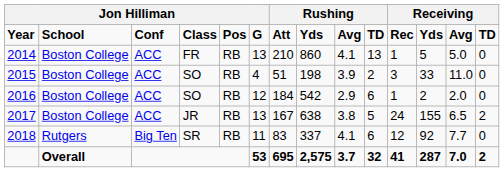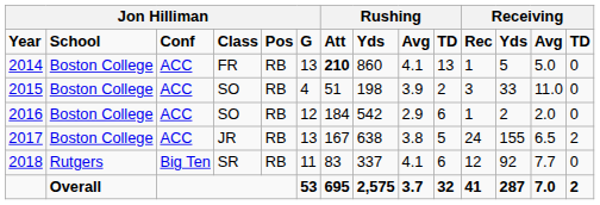 <table class="wikitable">
 <tr>
 <th colspan="6" style="text-align: center; font-weight:bold;">Jon Hilliman</th>
 <th colspan="4" style="text-align: center; font-weight:bold;">Rushing</th>
 <th colspan="4" style="text-align: center; font-weight:bold;">Receiving</th>
 </tr>
 <tr>
 <td style="font-weight:bold;">Year</td>
 <td style="font-weight:bold;">School</td>
 <td style="font-weight:bold;">Conf</td>
 <td style="font-weight:bold;">Class</td>
 <td style="font-weight:bold;">Pos</td>
 <td style="font-weight:bold;">G</td>
 <td style="font-weight:bold;">Att</td>
 <td style="font-weight:bold;">Yds</td>
 <td style="font-weight:bold;">Avg</td>
 <td style="font-weight:bold;">TD</td>
 <td style="font-weight:bold;">Rec</td>
 <td style="font-weight:bold;">Yds</td>
 <td style="font-weight:bold;">Avg</td>
 <td style="font-weight:bold;">TD</td>
 </tr>
 <tr>
 <td><a href='#'>2014</a></td>
 <td><a href='#'>Boston College</a></td>
 <td><a href='#'>ACC</a></td>
 <td>FR</td>
 <td>RB</td>
 <td>13</td>
-<td>210</td>
+<td><strong>210</strong></td>
 <td>860</td>
 <td>4.1</td>
 <td>13</td>
 <td>1</td>
 <td>5</td>
 <td>5.0</td>
 <td>0</td>
 </tr>
 <tr>
 <td><a href='#'>2015</a></td>
 <td><a href='#'>Boston College</a></td>
 <td><a href='#'>ACC</a></td>
 <td>SO</td>
 <td>RB</td>
 <td>4</td>
 <td>51</td>
 <td>198</td>
 <td>3.9</td>
 <td>2</td>
 <td>3</td>
 <td>33</td>
 <td>11.0</td>
 <td>0</td>
 </tr>
 <tr>
 <td><a href='#'>2016</a></td>
 <td><a href='#'>Boston College</a></td>
 <td><a href='#'>ACC</a></td>
 <td>SO</td>
 <td>RB</td>
 <td>12</td>
 <td>184</td>
 <td>542</td>
 <td>2.9</td>
 <td>6</td>
 <td>1</td>
 <td>2</td>
 <td>2.0</td>
 <td>0</td>
 </tr>
 <tr>
 <td><a href='#'>2017</a></td>
 <td><a href='#'>Boston College</a></td>
 <td><a href='#'>ACC</a></td>
 <td>JR</td>
 <td>RB</td>
 <td>13</td>
 <td>167</td>
 <td>638</td>
 <td>3.8</td>
 <td>5</td>
 <td>24</td>
 <td>155</td>
 <td>6.5</td>
 <td>2</td>
 </tr>
 <tr>
 <td><a href='#'>2018</a></td>
 <td><a href='#'>Rutgers</a></td>
 <td><a href='#'>Big Ten</a></td>
 <td>SR</td>
 <td>RB</td>
 <td>11</td>
 <td>83</td>
 <td>337</td>
 <td>4.1</td>
 <td>6</td>
 <td>12</td>
 <td>92</td>
 <td>7.7</td>
 <td>0</td>
 </tr>
 <tr>
 <td style="font-weight:bold;"></td>
 <td style="font-weight:bold;">Overall</td>
 <td colspan="3" style="font-weight:bold;"></td>
 <td style="font-weight:bold;">53</td>
 <td style="font-weight:bold;">695</td>
 <td style="font-weight:bold;">2,575</td>
 <td style="font-weight:bold;">3.7</td>
 <td style="font-weight:bold;">32</td>
 <td style="font-weight:bold;">41</td>
 <td style="font-weight:bold;">287</td>
 <td style="font-weight:bold;">7.0</td>
 <td style="font-weight:bold;">2</td>
 </tr>
 </table>
